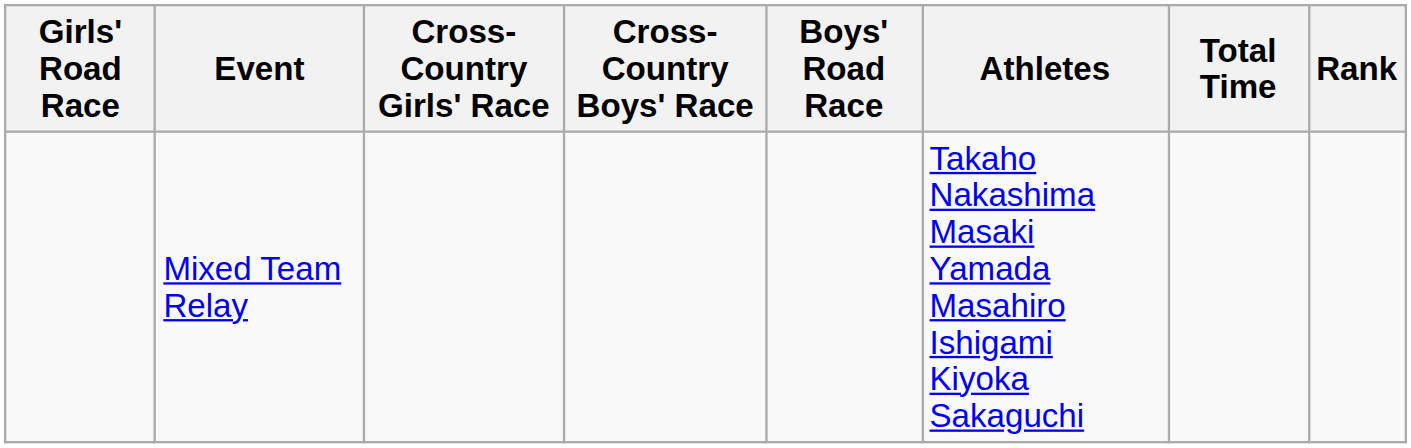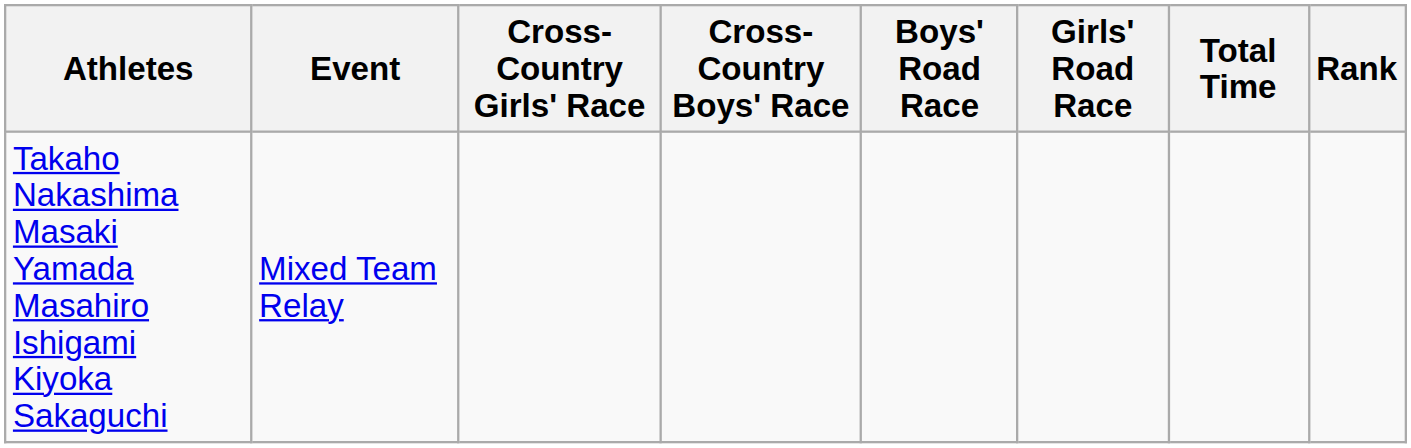 <table class="wikitable" style="font-size:90%;">
 <tr>
-<th>Girls' Road<br>Race</th>
+<th>Athletes</th>
 <th>Event</th>
 <th>Cross-Country<br>Girls' Race</th>
 <th>Cross-Country<br>Boys' Race</th>
 <th>Boys' Road<br>Race</th>
-<th>Athletes</th>
+<th>Girls' Road<br>Race</th>
 <th>Total Time</th>
 <th>Rank</th>
 </tr>
 <tr align=center>
-<td></td>
+<td align=left><a href='#'>Takaho Nakashima</a><br><a href='#'>Masaki Yamada</a><br><a href='#'>Masahiro Ishigami</a><br><a href='#'>Kiyoka Sakaguchi</a></td>
 <td align=left><a href='#'>Mixed Team Relay</a></td>
 <td></td>
 <td></td>
 <td></td>
-<td align=left><a href='#'>Takaho Nakashima</a><br><a href='#'>Masaki Yamada</a><br><a href='#'>Masahiro Ishigami</a><br><a href='#'>Kiyoka Sakaguchi</a></td>
+<td></td>
 <td></td>
 <td></td>
 </tr>
 </table>
